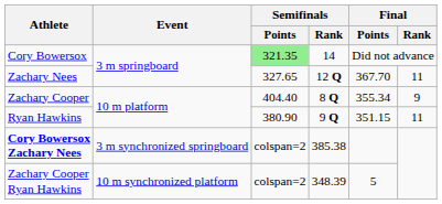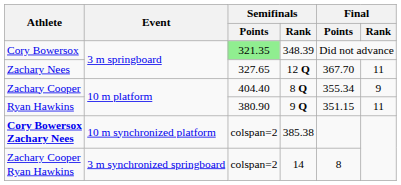 <table class="wikitable" style="font-size:90%;">
 <tr>
 <th rowspan=2>Athlete</th>
 <th rowspan=2>Event</th>
 <th colspan=2>Semifinals</th>
 <th colspan=2>Final</th>
 </tr>
 <tr style="font-size:95%">
 <th>Points</th>
 <th>Rank</th>
 <th>Points</th>
 <th>Rank</th>
 </tr>
 <tr align=center>
 <td align=left><a href='#'>Cory Bowersox</a></td>
 <td align=left rowspan=2><a href='#'>3 m springboard</a></td>
 <td style="background: lightgreen;">321.35</td>
-<td>14</td>
+<td>348.39</td>
 <td colspan=2>Did not advance</td>
 </tr>
 <tr align=center>
 <td align=left><a href='#'>Zachary Nees</a></td>
 <td>327.65</td>
 <td>12 <strong>Q</strong></td>
 <td>367.70</td>
 <td>11</td>
 </tr>
 <tr align=center>
 <td align=left><a href='#'>Zachary Cooper</a></td>
 <td align=left rowspan=2><a href='#'>10 m platform</a></td>
 <td>404.40</td>
 <td>8 <strong>Q</strong></td>
 <td>355.34</td>
 <td>9</td>
 </tr>
 <tr align=center>
 <td align=left><a href='#'>Ryan Hawkins</a></td>
 <td>380.90</td>
 <td>9 <strong>Q</strong></td>
 <td>351.15</td>
 <td>11</td>
 </tr>
 <tr align=center>
 <td align=left><strong><a href='#'>Cory Bowersox</a><br><a href='#'>Zachary Nees</a></strong></td>
-<td align=left><a href='#'>3 m synchronized springboard</a></td>
+<td align=left><a href='#'>10 m synchronized platform</a></td>
 <td>colspan=2 </td>
 <td>385.38</td>
 <td></td>
 </tr>
 <tr align=center>
 <td align=left><a href='#'>Zachary Cooper</a><br><a href='#'>Ryan Hawkins</a></td>
-<td align=left><a href='#'>10 m synchronized platform</a></td>
+<td align=left><a href='#'>3 m synchronized springboard</a></td>
 <td>colspan=2 </td>
-<td>348.39</td>
-<td>5</td>
+<td>14</td>
+<td>8</td>
 </tr>
 </table>
